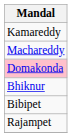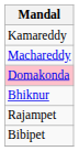 <table class="wikitable sortable static-row-numbers static-row-header-hash">
 <tr>
 <th>Mandal</th>
 </tr>
 <tr>
 <td>Kamareddy</td>
 </tr>
 <tr>
 <td><a href='#'>Machareddy</a></td>
 </tr>
 <tr>
 <td style="background: pink;"><a href='#'>Domakonda</a></td>
 </tr>
 <tr>
 <td><a href='#'>Bhiknur</a></td>
 </tr>
 <tr>
-<td>Bibipet</td>
+<td>Rajampet</td>
 </tr>
 <tr>
-<td>Rajampet</td>
+<td>Bibipet</td>
 </tr>
 <tr>
 </tr>
 </table>
